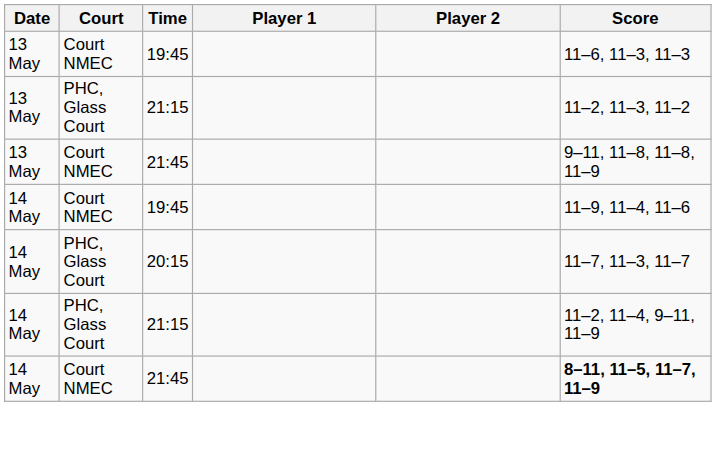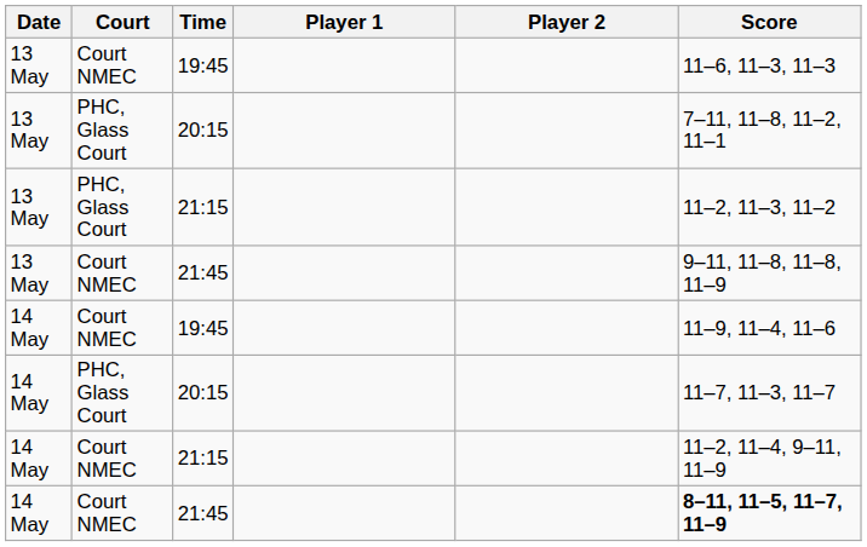 <table class="sortable wikitable" style="font-size:90%">
 <tr>
 <th width="45" class="unsortable">Date</th>
 <th width="75">Court</th>
 <th width="30">Time</th>
 <th width="200">Player 1</th>
 <th width="200">Player 2</th>
 <th width="160" class="unsortable">Score</th>
 </tr>
 <tr>
 <td>13 May</td>
 <td>Court NMEC</td>
 <td>19:45</td>
 <td><strong></strong></td>
 <td></td>
 <td>11–6, 11–3, 11–3</td>
+</tr>
+<tr>
+<td>13 May</td>
+<td>PHC, Glass Court</td>
+<td>20:15</td>
+<td></td>
+<td><strong></strong></td>
+<td>7–11, 11–8, 11–2, 11–1</td>
 </tr>
 <tr>
 <td>13 May</td>
 <td>PHC, Glass Court</td>
 <td>21:15</td>
 <td></td>
 <td><strong></strong></td>
 <td>11–2, 11–3, 11–2</td>
 </tr>
 <tr>
 <td>13 May</td>
 <td>Court NMEC</td>
 <td>21:45</td>
 <td><strong></strong></td>
 <td></td>
 <td>9–11, 11–8, 11–8, 11–9</td>
 </tr>
 <tr>
 <td>14 May</td>
 <td>Court NMEC</td>
 <td>19:45</td>
 <td></td>
 <td><strong></strong></td>
 <td>11–9, 11–4, 11–6</td>
 </tr>
 <tr>
 <td>14 May</td>
 <td>PHC, Glass Court</td>
 <td>20:15</td>
 <td></td>
 <td><strong></strong></td>
 <td>11–7, 11–3, 11–7</td>
 </tr>
 <tr>
 <td>14 May</td>
-<td>PHC, Glass Court</td>
+<td>Court NMEC</td>
 <td>21:15</td>
 <td><strong></strong></td>
 <td></td>
 <td>11–2, 11–4, 9–11, 11–9</td>
 </tr>
 <tr>
 <td>14 May</td>
 <td>Court NMEC</td>
 <td>21:45</td>
 <td><strong></strong></td>
 <td></td>
 <td><strong>8–11, 11–5, 11–7, 11–9</strong></td>
 </tr>
 </table>
